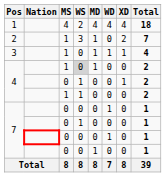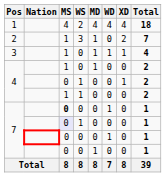 <table class="wikitable" style="text-align:center">
 <tr>
 <th>Pos</th>
 <th>Nation</th>
 <th>MS</th>
 <th>WS</th>
 <th>MD</th>
 <th>WD</th>
 <th>XD</th>
 <th>Total</th>
 </tr>
 <tr>
 <td>1</td>
 <td align=left></td>
 <td>4</td>
 <td>2</td>
 <td>4</td>
 <td>4</td>
 <td>4</td>
 <td><strong>18</strong></td>
 </tr>
 <tr>
 <td>2</td>
 <td align=left></td>
 <td>1</td>
 <td>3</td>
 <td>1</td>
 <td>0</td>
 <td>2</td>
 <td><strong>7</strong></td>
 </tr>
 <tr>
 <td>3</td>
 <td align=left></td>
 <td>1</td>
 <td>0</td>
 <td>1</td>
 <td>1</td>
 <td>1</td>
 <td><strong>4</strong></td>
 </tr>
 <tr>
 <td rowspan="3">4</td>
 <td align=left></td>
 <td>1</td>
-<td style="background: lightgrey;">0</td>
+<td>0</td>
 <td>1</td>
 <td>0</td>
 <td>0</td>
 <td><strong>2</strong></td>
 </tr>
 <tr>
 <td align=left></td>
 <td>0</td>
 <td>1</td>
 <td>0</td>
 <td>0</td>
 <td>1</td>
 <td><strong>2</strong></td>
 </tr>
 <tr>
 <td align=left></td>
 <td>1</td>
 <td>1</td>
 <td>0</td>
 <td>0</td>
 <td>0</td>
 <td><strong>2</strong></td>
 </tr>
 <tr>
 <td rowspan="4">7</td>
 <td align=left></td>
-<td>0</td>
+<td><strong>0</strong></td>
 <td>0</td>
 <td>0</td>
 <td>1</td>
 <td>0</td>
 <td><strong>1</strong></td>
 </tr>
 <tr>
 <td align=left></td>
-<td>0</td>
+<td style="background: lavender;">0</td>
 <td>1</td>
 <td>0</td>
 <td>0</td>
 <td>0</td>
 <td><strong>1</strong></td>
 </tr>
 <tr>
 <td align="left" style="border: 3px solid red"><strong></strong></td>
 <td>0</td>
 <td>0</td>
 <td>0</td>
 <td>1</td>
 <td>0</td>
 <td><strong>1</strong></td>
 </tr>
 <tr>
 <td align=left></td>
 <td>0</td>
 <td>0</td>
 <td>1</td>
 <td>0</td>
 <td>0</td>
 <td><strong>1</strong></td>
 </tr>
 <tr>
 <th colspan="2">Total</th>
 <th>8</th>
 <th>8</th>
 <th>8</th>
 <th>7</th>
 <th>8</th>
 <th>39</th>
 </tr>
 </table>
